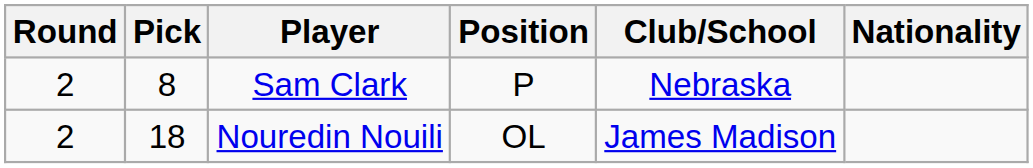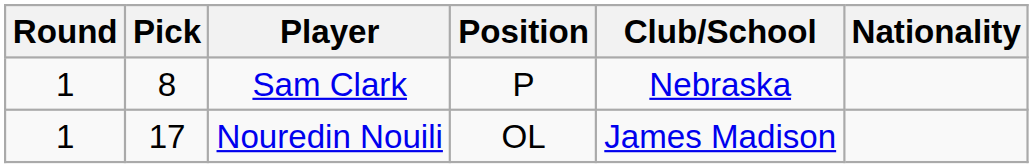 <table class="wikitable" style="font-size: 95%;">
 <tr>
 <th scope="col">Round</th>
 <th scope="col">Pick</th>
 <th scope="col">Player</th>
 <th scope="col">Position</th>
 <th scope="col">Club/School</th>
 <th scope="col">Nationality</th>
 </tr>
 <tr align="center">
-<td align=center>2</td>
+<td align=center>1</td>
 <td>8</td>
 <td><a href='#'>Sam Clark</a></td>
 <td>P</td>
 <td><a href='#'>Nebraska</a></td>
 <td></td>
 </tr>
 <tr align="center">
-<td align=center>2</td>
-<td>18</td>
+<td align=center>1</td>
+<td>17</td>
 <td><a href='#'>Nouredin Nouili</a></td>
 <td>OL</td>
 <td><a href='#'>James Madison</a></td>
 <td></td>
 </tr>
 </table>
